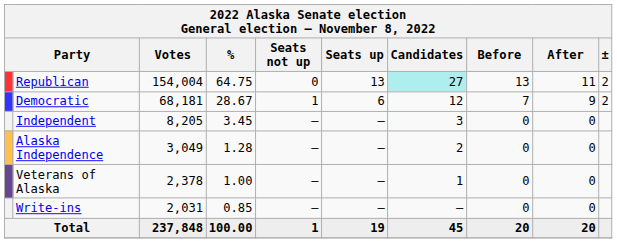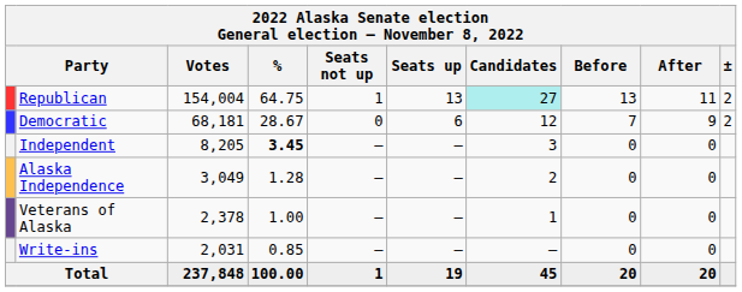 <table class="wikitable">
 <tr>
 <th colspan=10>2022 Alaska Senate election<br>General election — November 8, 2022</th>
 </tr>
 <tr bgcolor="#EEEEEE" align="center">
 <th colspan=2 style="width: 10em">Party</th>
 <th style="width: 5em">Votes</th>
 <th style="width: 3em">%</th>
 <th style="width: 5em">Seats not up</th>
 <th style="width: 5em">Seats up</th>
 <th style="width: 5em">Candidates</th>
 <th style="width: 5em">Before</th>
 <th style="width: 5em">After</th>
 <th>±</th>
 </tr>
 <tr>
 <th style="background-color:#F33; width: 3px"></th>
 <td style="width: 130px"><a href='#'>Republican</a></td>
 <td align="right">154,004</td>
 <td align="right">64.75</td>
-<td align="right">0</td>
+<td align="right">1</td>
 <td align="right">13</td>
 <td align="right" style="background: paleturquoise;">27</td>
 <td align="right">13</td>
 <td align="right">11</td>
 <td align="right"> 2</td>
 </tr>
 <tr>
 <th style="background-color:#33F; width: 3px"></th>
 <td style="width: 130px"><a href='#'>Democratic</a></td>
 <td align="right">68,181</td>
 <td align="right">28.67</td>
-<td align="right">1</td>
+<td align="right">0</td>
 <td align="right">6</td>
 <td align="right">12</td>
 <td align="right">7</td>
 <td align="right">9</td>
 <td align="right"> 2</td>
 </tr>
 <tr>
 <th style="background-color:"></th>
 <td style="width: 130px"><a href='#'>Independent</a></td>
 <td align="right">8,205</td>
-<td align="right">3.45</td>
+<td align="right"><strong>3.45</strong></td>
 <td align="right">—</td>
 <td align="right">—</td>
 <td align="right">3</td>
 <td align="right">0</td>
 <td align="right">0</td>
 <td align="right"></td>
 </tr>
 <tr>
 <th style="background-color:#FFC14E; width: 3px"></th>
 <td style="width: 130px"><a href='#'>Alaska Independence</a></td>
 <td align="right">3,049</td>
 <td align="right">1.28</td>
 <td align="right">—</td>
 <td align="right">—</td>
 <td align="right">2</td>
 <td align="right">0</td>
 <td align="right">0</td>
 <td align="right"></td>
 </tr>
 <tr>
 <th style="background-color:#674690; width: 3px"></th>
 <td style="width: 130px">Veterans of Alaska</td>
 <td align="right">2,378</td>
 <td align="right">1.00</td>
 <td align="right">—</td>
 <td align="right">—</td>
 <td align="right">1</td>
 <td align="right">0</td>
 <td align="right">0</td>
 <td align="right"></td>
 </tr>
 <tr>
 <th style="background-color:; width: 3px"></th>
 <td style="width: 130px"><a href='#'>Write-ins</a></td>
 <td align="right">2,031</td>
 <td align="right">0.85</td>
 <td align="right">—</td>
 <td align="right">—</td>
 <td align="right">—</td>
 <td align="right">0</td>
 <td align="right">0</td>
 <td align="right"></td>
 </tr>
 <tr bgcolor="#EEEEEE">
 <th colspan="2">Total</th>
 <td align="right"><strong>237,848</strong></td>
 <td align="right"><strong>100.00</strong></td>
 <td align="right"><strong>1</strong></td>
 <td align="right"><strong>19</strong></td>
 <td align="right"><strong>45</strong></td>
 <td align="right"><strong>20</strong></td>
 <td align="right"><strong>20</strong></td>
 <td align="right"></td>
 </tr>
 <tr>
 </tr>
 </table>
